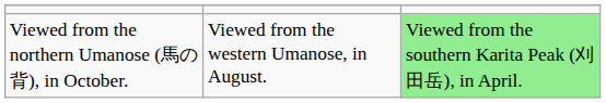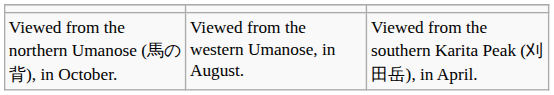 <table class="wikitable" style="font-size:small;">
 <tr>
 </tr>
 <tr>
 <td></td>
 <td></td>
 <td></td>
 </tr>
 <tr>
 <td style="width:10em; vertical-align:top;">Viewed from the northern Umanose (馬の背), in October.</td>
 <td style="width:10em; vertical-align:top;">Viewed from the western Umanose, in August.</td>
-<td style="background: lightgreen; width:10em; vertical-align:top;">Viewed from the southern Karita Peak (刈田岳), in April.</td>
+<td style="width:10em; vertical-align:top;">Viewed from the southern Karita Peak (刈田岳), in April.</td>
 </tr>
 </table>
